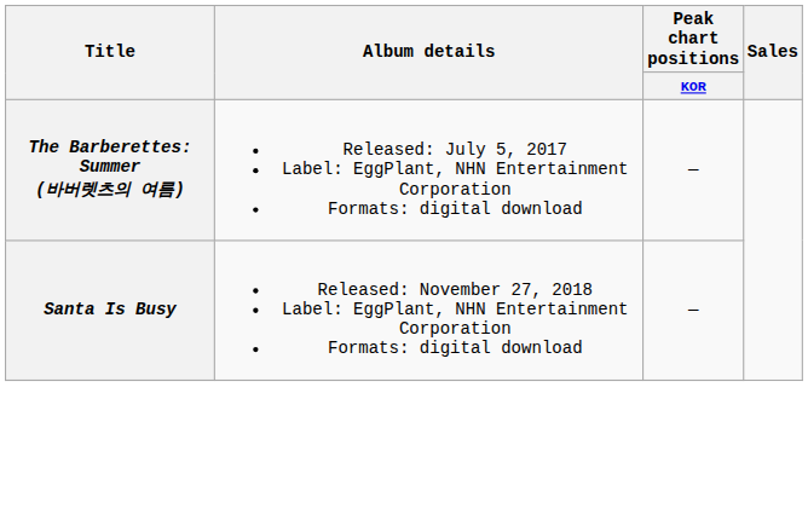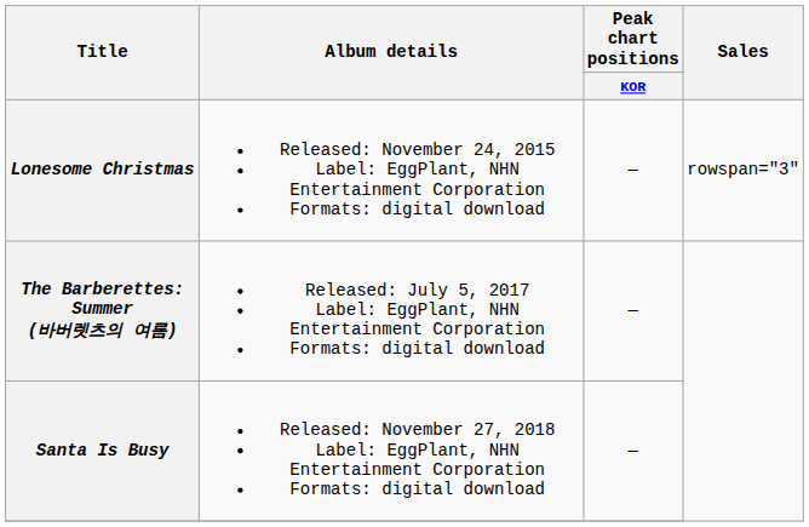 <table class="wikitable plainrowheaders" style="text-align:center;">
 <tr>
 <th scope="col" rowspan="2">Title</th>
 <th scope="col" rowspan="2">Album details</th>
 <th scope="col" colspan="1" style="width:5em;">Peak chart positions</th>
 <th scope="col" rowspan="2">Sales</th>
 </tr>
 <tr>
 <th><small><a href='#'>KOR</a></small><br></th>
+</tr>
+<tr>
+<th scope="row"><em>Lonesome Christmas</em></th>
+<td><br><ul><li>Released: November 24, 2015</li><li>Label: EggPlant, NHN Entertainment Corporation</li><li>Formats: digital download</li></ul></td>
+<td>—</td>
+<td>rowspan="3" </td>
 </tr>
 <tr>
 <th scope="row"><em>The Barberettes: Summer <br>(바버렛츠의 여름)</em></th>
 <td><br><ul><li>Released: July 5, 2017</li><li>Label: EggPlant, NHN Entertainment Corporation</li><li>Formats: digital download</li></ul></td>
 <td>—</td>
 </tr>
 <tr>
 <th scope="row"><em>Santa Is Busy</em></th>
 <td><br><ul><li>Released: November 27, 2018</li><li>Label: EggPlant, NHN Entertainment Corporation</li><li>Formats: digital download</li></ul></td>
 <td>—</td>
 </tr>
 <tr>
 </tr>
 </table>
